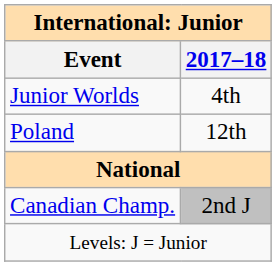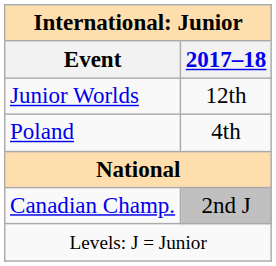 <table class="wikitable" style="text-align:center">
 <tr>
 <th style="background-color: #ffdead; " colspan=2 align=center>International: Junior</th>
 </tr>
 <tr>
 <th>Event</th>
 <th><a href='#'>2017–18</a></th>
 </tr>
 <tr>
 <td align=left><a href='#'>Junior Worlds</a></td>
-<td>4th</td>
+<td>12th</td>
 </tr>
 <tr>
 <td align=left> <a href='#'>Poland</a></td>
-<td>12th</td>
+<td>4th</td>
 </tr>
 <tr>
 <th style="background-color: #ffdead; " colspan=3 align=center>National</th>
 </tr>
 <tr>
 <td align=left><a href='#'>Canadian Champ.</a></td>
 <td bgcolor=silver>2nd J</td>
 </tr>
 <tr>
 <td colspan=2 style="text-align:center;"><small> Levels: J = Junior </small></td>
 </tr>
 </table>
